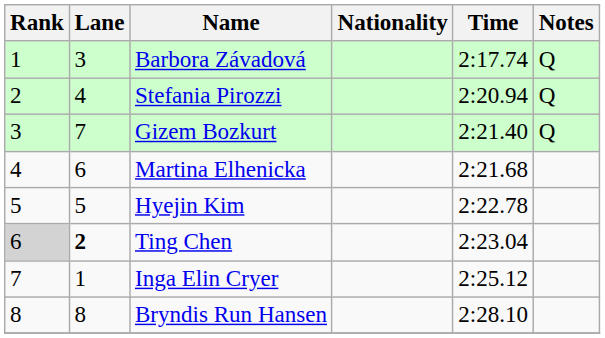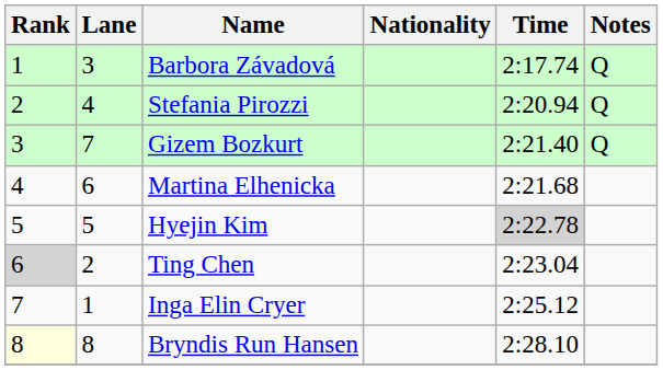 <table class="wikitable">
 <tr>
 <th>Rank</th>
 <th>Lane</th>
 <th>Name</th>
 <th>Nationality</th>
 <th>Time</th>
 <th>Notes</th>
 </tr>
 <tr bgcolor=ccffcc>
 <td>1</td>
 <td>3</td>
 <td><a href='#'>Barbora Závadová</a></td>
 <td></td>
 <td>2:17.74</td>
 <td>Q</td>
 </tr>
 <tr bgcolor=ccffcc>
 <td>2</td>
 <td>4</td>
 <td><a href='#'>Stefania Pirozzi</a></td>
 <td></td>
 <td>2:20.94</td>
 <td>Q</td>
 </tr>
 <tr bgcolor=ccffcc>
 <td>3</td>
 <td>7</td>
 <td><a href='#'>Gizem Bozkurt</a></td>
 <td></td>
 <td>2:21.40</td>
 <td>Q</td>
 </tr>
 <tr>
 <td>4</td>
 <td>6</td>
 <td><a href='#'>Martina Elhenicka</a></td>
 <td></td>
 <td>2:21.68</td>
 <td></td>
 </tr>
 <tr>
 <td>5</td>
 <td>5</td>
 <td><a href='#'>Hyejin Kim</a></td>
 <td></td>
-<td>2:22.78</td>
+<td style="background: lightgrey;">2:22.78</td>
 <td></td>
 </tr>
 <tr>
 <td style="background: lightgrey;">6</td>
-<td><strong>2</strong></td>
+<td>2</td>
 <td><a href='#'>Ting Chen</a></td>
 <td></td>
 <td>2:23.04</td>
 <td></td>
 </tr>
 <tr>
 <td>7</td>
 <td>1</td>
 <td><a href='#'>Inga Elin Cryer</a></td>
 <td></td>
 <td>2:25.12</td>
 <td></td>
 </tr>
 <tr>
-<td>8</td>
+<td style="background: lightyellow;">8</td>
 <td>8</td>
 <td><a href='#'>Bryndis Run Hansen</a></td>
 <td></td>
 <td>2:28.10</td>
 <td></td>
 </tr>
 <tr>
 </tr>
 </table>
